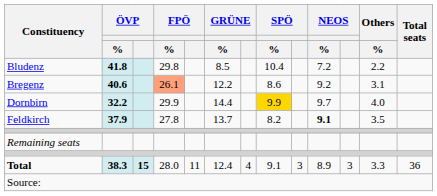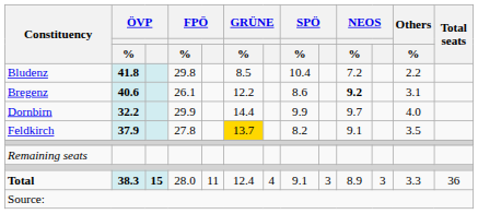 <table class="wikitable" style="text-align:center;font-size:90%;line-height:16px">
 <tr style="height:40px;">
 <th style="width:120px;" rowspan="3">Constituency</th>
 <th style="width:60px;" colspan="2"><a href='#'>ÖVP</a></th>
 <th style="width:60px;" colspan="2"><a href='#'>FPÖ</a></th>
 <th style="width:60px;" colspan="2"><a href='#'>GRÜNE</a></th>
 <th style="width:60px;" colspan="2"><a href='#'>SPÖ</a></th>
 <th style="width:60px;" colspan="2"><a href='#'>NEOS</a></th>
 <th class="unsortable" style="width:40px;" rowspan="2">Others</th>
 <th class="unsortable" style="width:40px;" rowspan="3">Total<br>seats</th>
 </tr>
 <tr>
 <th colspan="2" style="background:"></th>
 <th colspan="2" style="background:"></th>
 <th colspan="2" style="background:"></th>
 <th colspan="2" style="background:"></th>
 <th colspan="2" style="background:"></th>
 </tr>
 <tr>
 <th class=unsortable>%</th>
 <th class=unsortable></th>
 <th class=unsortable>%</th>
 <th class=unsortable></th>
 <th class=unsortable>%</th>
 <th class=unsortable></th>
 <th class=unsortable>%</th>
 <th class=unsortable></th>
 <th class=unsortable>%</th>
 <th class=unsortable></th>
 <th class=unsortable>%</th>
 </tr>
 <tr>
 <td align=left><a href='#'>Bludenz</a></td>
 <td bgcolor=#D2EDF1><strong>41.8</strong></td>
 <td bgcolor="#D2EDF1"></td>
 <td>29.8</td>
 <td></td>
 <td>8.5</td>
 <td></td>
 <td>10.4</td>
 <td></td>
 <td>7.2</td>
 <td></td>
 <td>2.2</td>
 <td></td>
 </tr>
 <tr>
 <td align=left><a href='#'>Bregenz</a></td>
 <td bgcolor=#D2EDF1><strong>40.6</strong></td>
 <td bgcolor="#D2EDF1"></td>
-<td style="background: lightsalmon;">26.1</td>
+<td>26.1</td>
 <td></td>
 <td>12.2</td>
 <td></td>
 <td>8.6</td>
 <td></td>
-<td>9.2</td>
+<td><strong>9.2</strong></td>
 <td></td>
 <td>3.1</td>
 <td></td>
 </tr>
 <tr>
 <td align=left><a href='#'>Dornbirn</a></td>
 <td bgcolor=#D2EDF1><strong>32.2</strong></td>
 <td bgcolor=#D2EDF1></td>
 <td>29.9</td>
 <td></td>
 <td>14.4</td>
 <td></td>
-<td style="background: gold;">9.9</td>
+<td>9.9</td>
 <td></td>
 <td>9.7</td>
 <td></td>
 <td>4.0</td>
 <td></td>
 </tr>
 <tr>
 <td align=left><a href='#'>Feldkirch</a></td>
 <td bgcolor=#D2EDF1><strong>37.9</strong></td>
 <td bgcolor="#D2EDF1"></td>
 <td>27.8</td>
 <td></td>
-<td>13.7</td>
+<td style="background: gold;">13.7</td>
 <td></td>
 <td>8.2</td>
 <td></td>
-<td><strong>9.1</strong></td>
+<td>9.1</td>
 <td></td>
 <td>3.5</td>
 <td></td>
 </tr>
 <tr>
 <td colspan=13 bgcolor=lightgrey></td>
 </tr>
 <tr>
 <td align=left><em>Remaining seats</em></td>
 <td></td>
 <td></td>
 <td></td>
 <td></td>
 <td></td>
 <td></td>
 <td></td>
 <td></td>
 <td></td>
 <td></td>
 <td></td>
 <td></td>
 </tr>
 <tr>
 <td colspan=13 bgcolor=lightgrey></td>
 </tr>
 <tr>
 <td align=left><strong>Total</strong></td>
 <td bgcolor=#D2EDF1><strong>38.3</strong></td>
 <td bgcolor="#D2EDF1"><strong>15</strong></td>
 <td>28.0</td>
 <td>11</td>
 <td>12.4</td>
 <td>4</td>
 <td>9.1</td>
 <td>3</td>
 <td>8.9</td>
 <td>3</td>
 <td>3.3</td>
 <td>36</td>
 </tr>
 <tr class=sortbottom>
 <td colspan=13 align=left>Source: </td>
 </tr>
 </table>
